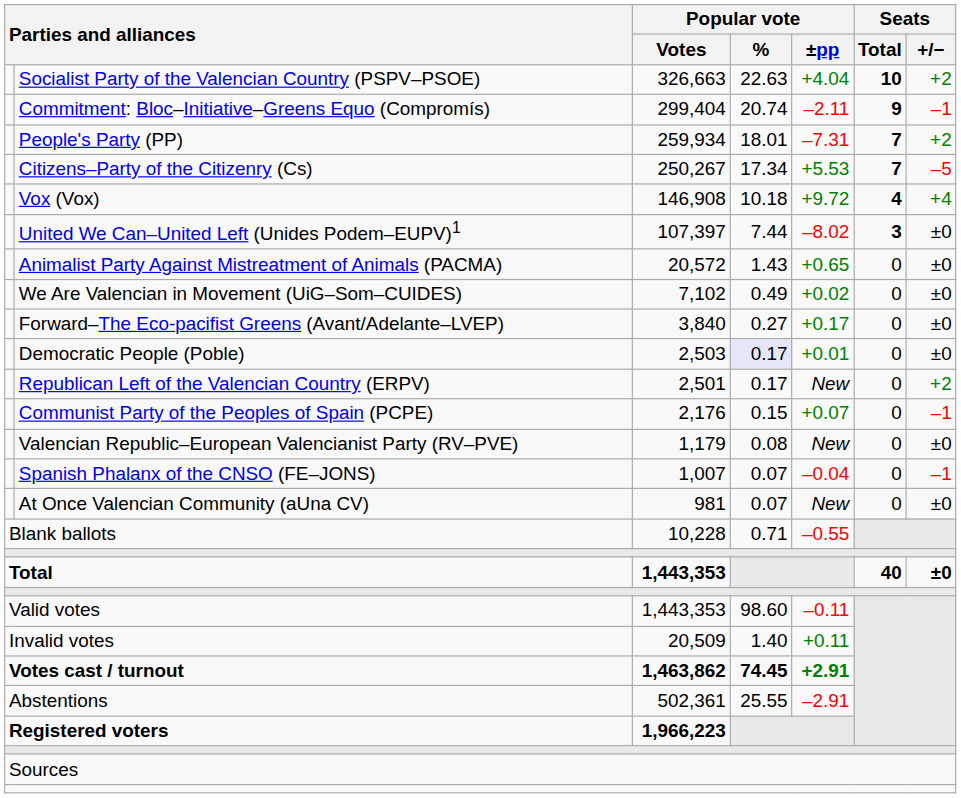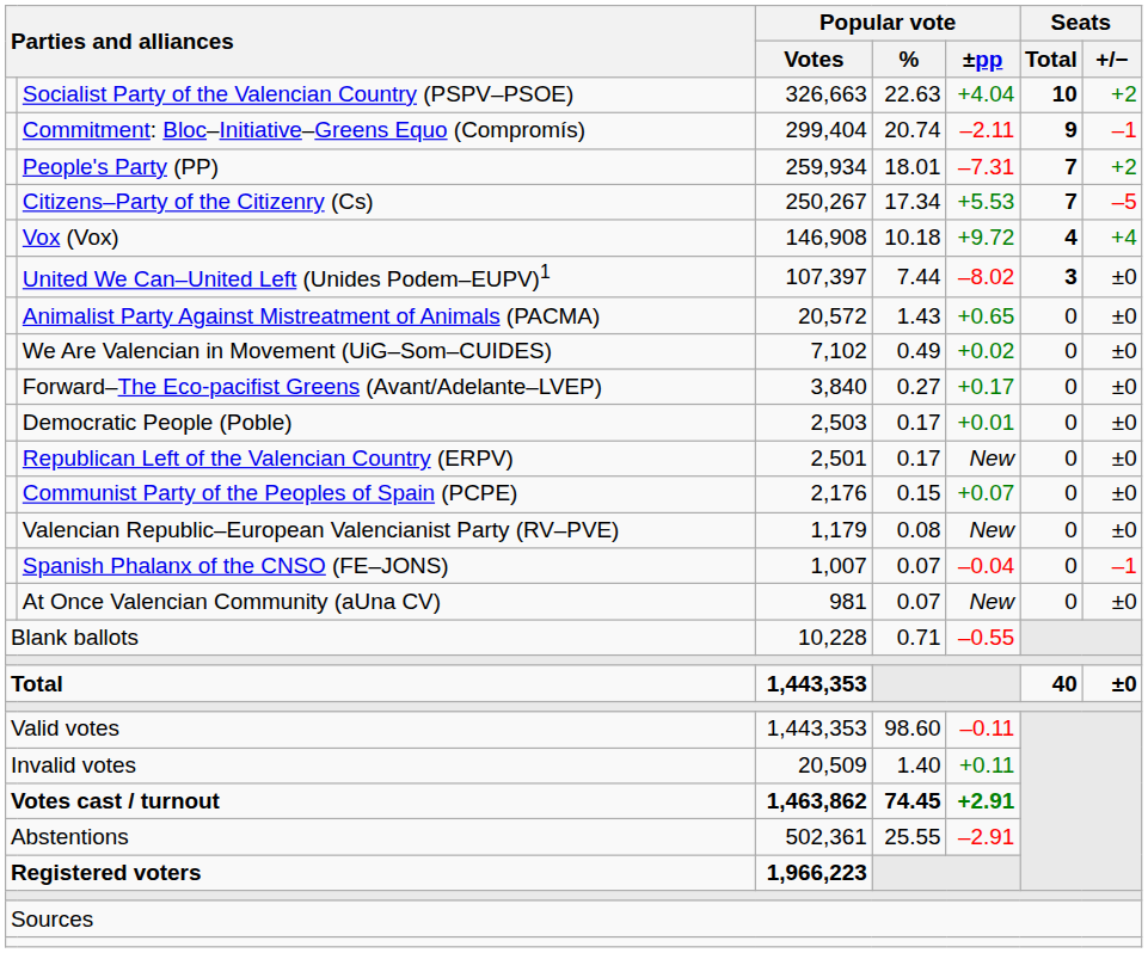 <table class="wikitable" style="text-align:right;">
 <tr>
 <th style="text-align:left;" rowspan="2" colspan="2" width="525">Parties and alliances</th>
 <th colspan="3">Popular vote</th>
 <th colspan="2">Seats</th>
 </tr>
 <tr>
 <th width="75">Votes</th>
 <th width="45">%</th>
 <th width="45">±<a href='#'>pp</a></th>
 <th width="35">Total</th>
 <th width="35">+/−</th>
 </tr>
 <tr>
 <td width="1" style="color:inherit;background:"></td>
 <td align="left"><a href='#'>Socialist Party of the Valencian Country</a> (PSPV–PSOE)</td>
 <td>326,663</td>
 <td>22.63</td>
 <td style="color:green;">+4.04</td>
 <td><strong>10</strong></td>
 <td style="color:green;">+2</td>
 </tr>
 <tr>
 <td style="color:inherit;background:"></td>
 <td align="left"><a href='#'>Commitment</a>: <a href='#'>Bloc</a>–<a href='#'>Initiative</a>–<a href='#'>Greens Equo</a> (Compromís)</td>
 <td>299,404</td>
 <td>20.74</td>
 <td style="color:red;">–2.11</td>
 <td><strong>9</strong></td>
 <td style="color:red;">–1</td>
 </tr>
 <tr>
 <td style="color:inherit;background:"></td>
 <td align="left"><a href='#'>People's Party</a> (PP)</td>
 <td>259,934</td>
 <td>18.01</td>
 <td style="color:red;">–7.31</td>
 <td><strong>7</strong></td>
 <td style="color:green;">+2</td>
 </tr>
 <tr>
 <td style="color:inherit;background:"></td>
 <td align="left"><a href='#'>Citizens–Party of the Citizenry</a> (Cs)</td>
 <td>250,267</td>
 <td>17.34</td>
 <td style="color:green;">+5.53</td>
 <td><strong>7</strong></td>
 <td style="color:red;">–5</td>
 </tr>
 <tr>
 <td style="color:inherit;background:"></td>
 <td align="left"><a href='#'>Vox</a> (Vox)</td>
 <td>146,908</td>
 <td>10.18</td>
 <td style="color:green;">+9.72</td>
 <td><strong>4</strong></td>
 <td style="color:green;">+4</td>
 </tr>
 <tr>
 <td style="color:inherit;background:"></td>
 <td align="left"><a href='#'>United We Can–United Left</a> (Unides Podem–EUPV)<sup>1</sup></td>
 <td>107,397</td>
 <td>7.44</td>
 <td style="color:red;">–8.02</td>
 <td><strong>3</strong></td>
 <td>±0</td>
 </tr>
 <tr>
 <td style="color:inherit;background:"></td>
 <td align="left"><a href='#'>Animalist Party Against Mistreatment of Animals</a> (PACMA)</td>
 <td>20,572</td>
 <td>1.43</td>
 <td style="color:green;">+0.65</td>
 <td>0</td>
 <td>±0</td>
 </tr>
 <tr>
 <td style="color:inherit;background:"></td>
 <td align="left">We Are Valencian in Movement (UiG–Som–CUIDES)</td>
 <td>7,102</td>
 <td>0.49</td>
 <td style="color:green;">+0.02</td>
 <td>0</td>
 <td>±0</td>
 </tr>
 <tr>
 <td style="color:inherit;background:"></td>
 <td align="left">Forward–<a href='#'>The Eco-pacifist Greens</a> (Avant/Adelante–LVEP)</td>
 <td>3,840</td>
 <td>0.27</td>
 <td style="color:green;">+0.17</td>
 <td>0</td>
 <td>±0</td>
 </tr>
 <tr>
 <td style="color:inherit;background:"></td>
 <td align="left">Democratic People (Poble)</td>
 <td>2,503</td>
-<td style="background: lavender;">0.17</td>
+<td>0.17</td>
 <td style="color:green;">+0.01</td>
 <td>0</td>
 <td>±0</td>
 </tr>
 <tr>
 <td style="color:inherit;background:"></td>
 <td align="left"><a href='#'>Republican Left of the Valencian Country</a> (ERPV)</td>
 <td>2,501</td>
 <td>0.17</td>
 <td><em>New</em></td>
 <td>0</td>
-<td style="color:green;">+2</td>
+<td>±0</td>
 </tr>
 <tr>
 <td style="color:inherit;background:"></td>
 <td align="left"><a href='#'>Communist Party of the Peoples of Spain</a> (PCPE)</td>
 <td>2,176</td>
 <td>0.15</td>
 <td style="color:green;">+0.07</td>
 <td>0</td>
-<td style="color:red;">–1</td>
+<td>±0</td>
 </tr>
 <tr>
 <td style="color:inherit;background:"></td>
 <td align="left">Valencian Republic–European Valencianist Party (RV–PVE)</td>
 <td>1,179</td>
 <td>0.08</td>
 <td><em>New</em></td>
 <td>0</td>
 <td>±0</td>
 </tr>
 <tr>
 <td style="color:inherit;background:"></td>
 <td align="left"><a href='#'>Spanish Phalanx of the CNSO</a> (FE–JONS)</td>
 <td>1,007</td>
 <td>0.07</td>
 <td style="color:red;">–0.04</td>
 <td>0</td>
 <td style="color:red;">–1</td>
 </tr>
 <tr>
 <td style="color:inherit;background:"></td>
 <td align="left">At Once Valencian Community (aUna CV)</td>
 <td>981</td>
 <td>0.07</td>
 <td><em>New</em></td>
 <td>0</td>
 <td>±0</td>
 </tr>
 <tr>
 <td align="left" colspan="2">Blank ballots</td>
 <td>10,228</td>
 <td>0.71</td>
 <td style="color:red;">–0.55</td>
 <td bgcolor="#E9E9E9" colspan="2"></td>
 </tr>
 <tr>
 <td colspan="7" bgcolor="#E9E9E9"></td>
 </tr>
 <tr style="font-weight:bold;">
 <td align="left" colspan="2">Total</td>
 <td>1,443,353</td>
 <td bgcolor="#E9E9E9" colspan="2"></td>
 <td>40</td>
 <td>±0</td>
 </tr>
 <tr>
 <td colspan="7" bgcolor="#E9E9E9"></td>
 </tr>
 <tr>
 <td align="left" colspan="2">Valid votes</td>
 <td>1,443,353</td>
 <td>98.60</td>
 <td style="color:red;">–0.11</td>
 <td bgcolor="#E9E9E9" colspan="2" rowspan="5"></td>
 </tr>
 <tr>
 <td align="left" colspan="2">Invalid votes</td>
 <td>20,509</td>
 <td>1.40</td>
 <td style="color:green;">+0.11</td>
 </tr>
 <tr style="font-weight:bold;">
 <td align="left" colspan="2">Votes cast / turnout</td>
 <td>1,463,862</td>
 <td>74.45</td>
 <td style="color:green;">+2.91</td>
 </tr>
 <tr>
 <td align="left" colspan="2">Abstentions</td>
 <td>502,361</td>
 <td>25.55</td>
 <td style="color:red;">–2.91</td>
 </tr>
 <tr style="font-weight:bold;">
 <td align="left" colspan="2">Registered voters</td>
 <td>1,966,223</td>
 <td bgcolor="#E9E9E9" colspan="2"></td>
 </tr>
 <tr>
 <td colspan="7" bgcolor="#E9E9E9"></td>
 </tr>
 <tr>
 <td align="left" colspan="7">Sources</td>
 </tr>
 <tr>
 <td colspan="7" style="text-align:left; max-width:790px;"></td>
 </tr>
 </table>
